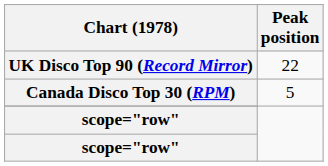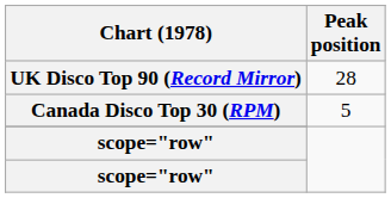 <table class="wikitable sortable plainrowheaders">
 <tr>
 <th>Chart (1978)</th>
 <th>Peak<br>position</th>
 </tr>
 <tr>
 <th scope="row">UK Disco Top 90 (<em><a href='#'>Record Mirror</a></em>)</th>
-<td align="center">22</td>
+<td align="center">28</td>
 </tr>
 <tr>
 <th scope="row">Canada Disco Top 30 (<em><a href='#'>RPM</a></em>)</th>
 <td align="center">5</td>
 </tr>
 <tr>
 </tr>
 <tr>
 <th>scope="row" </th>
 </tr>
 <tr>
 <th>scope="row" </th>
 </tr>
 </table>
